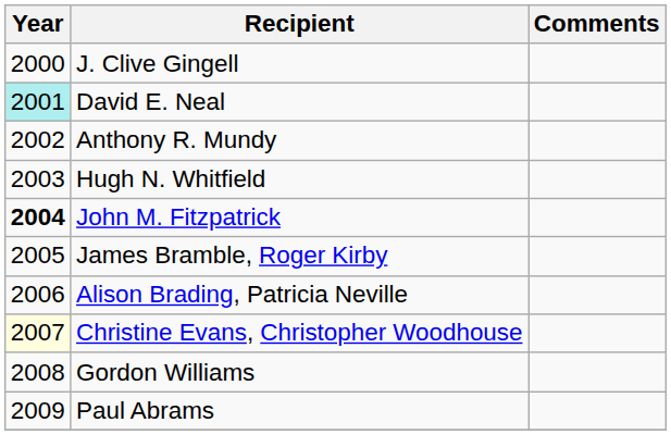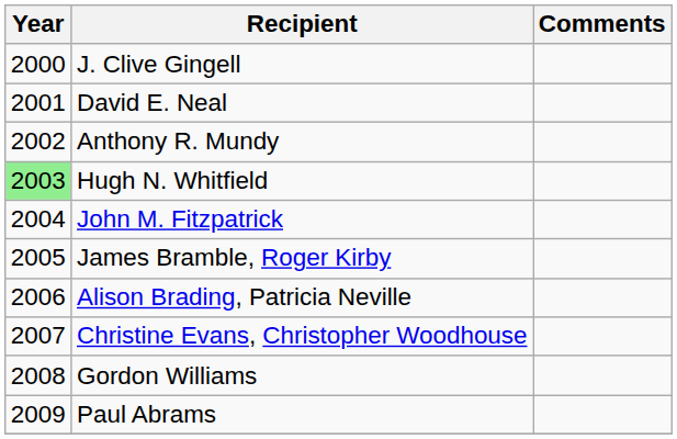 <table class="wikitable">
 <tr>
 <th>Year</th>
 <th>Recipient</th>
 <th>Comments</th>
 </tr>
 <tr>
 <td>2000</td>
 <td>J. Clive Gingell</td>
 <td></td>
 </tr>
 <tr>
-<td style="background: paleturquoise;">2001</td>
+<td>2001</td>
 <td>David E. Neal</td>
 <td></td>
 </tr>
 <tr>
 <td>2002</td>
 <td>Anthony R. Mundy</td>
 <td></td>
 </tr>
 <tr>
-<td>2003</td>
+<td style="background: lightgreen;">2003</td>
 <td>Hugh N. Whitfield</td>
 <td></td>
 </tr>
 <tr>
-<td><strong>2004</strong></td>
+<td>2004</td>
 <td><a href='#'>John M. Fitzpatrick</a></td>
 <td></td>
 </tr>
 <tr>
 <td>2005</td>
 <td>James Bramble, <a href='#'>Roger Kirby</a></td>
 <td></td>
 </tr>
 <tr>
 <td>2006</td>
 <td><a href='#'>Alison Brading</a>, Patricia Neville</td>
 <td></td>
 </tr>
 <tr>
-<td style="background: lightyellow;">2007</td>
+<td>2007</td>
 <td><a href='#'>Christine Evans</a>, <a href='#'>Christopher Woodhouse</a></td>
 <td></td>
 </tr>
 <tr>
 <td>2008</td>
 <td>Gordon Williams</td>
 <td></td>
 </tr>
 <tr>
 <td>2009</td>
 <td>Paul Abrams</td>
 <td></td>
 </tr>
 <tr>
 </tr>
 </table>
